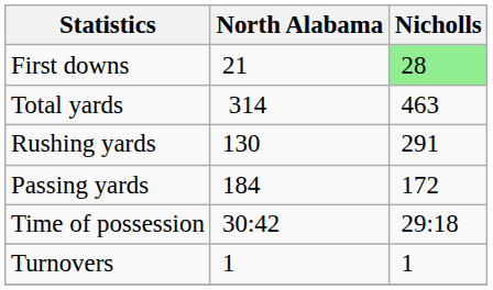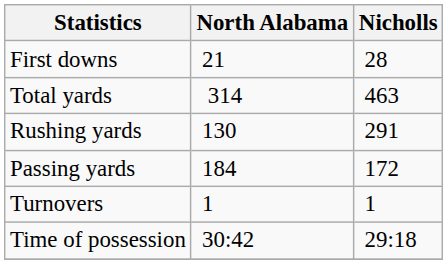 <table class="wikitable">
 <tr>
 <th>Statistics</th>
 <th>North Alabama</th>
 <th>Nicholls</th>
 </tr>
 <tr>
 <td>First downs</td>
 <td> 21</td>
-<td style="background: lightgreen;"> 28</td>
+<td> 28</td>
 </tr>
 <tr>
 <td>Total yards</td>
 <td>  314</td>
 <td> 463</td>
 </tr>
 <tr>
 <td>Rushing yards</td>
 <td> 130</td>
 <td> 291</td>
 </tr>
 <tr>
 <td>Passing yards</td>
 <td> 184</td>
 <td> 172</td>
 </tr>
 <tr>
+<td>Turnovers</td>
+<td> 1</td>
+<td> 1</td>
+</tr>
+<tr>
 <td>Time of possession</td>
 <td> 30:42</td>
 <td> 29:18</td>
 </tr>
 <tr>
-<td>Turnovers</td>
-<td> 1</td>
-<td> 1</td>
-</tr>
-<tr>
 </tr>
 </table>
